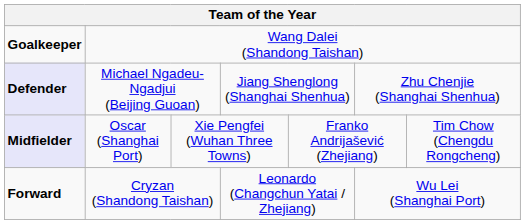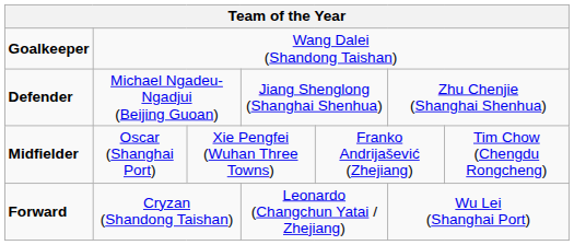 <table class="wikitable">
 <tr>
 <th colspan="13">Team of the Year</th>
 </tr>
 <tr>
 <td><strong>Goalkeeper</strong></td>
 <td colspan="12" align="center"> <a href='#'>Wang Dalei</a>  <br>(<a href='#'>Shandong Taishan</a>)</td>
 </tr>
 <tr>
-<td style="background: lavender;"><strong>Defender</strong></td>
+<td><strong>Defender</strong></td>
 <td colspan="4" align="center"> <a href='#'>Michael Ngadeu-Ngadjui</a> <br>(<a href='#'>Beijing Guoan</a>)</td>
 <td colspan="4" align="center"> <a href='#'>Jiang Shenglong</a> <br>(<a href='#'>Shanghai Shenhua</a>)</td>
 <td colspan="4" align="center"> <a href='#'>Zhu Chenjie</a> <br>(<a href='#'>Shanghai Shenhua</a>)</td>
 </tr>
 <tr>
-<td style="background: lavender;"><strong>Midfielder</strong></td>
+<td><strong>Midfielder</strong></td>
 <td colspan="3" align="center"> <a href='#'>Oscar</a> <br>(<a href='#'>Shanghai Port</a>)</td>
 <td colspan="3" align="center"> <a href='#'>Xie Pengfei</a> <br>(<a href='#'>Wuhan Three Towns</a>)</td>
 <td colspan="3" align="center"> <a href='#'>Franko Andrijašević</a> <br>(<a href='#'>Zhejiang</a>)</td>
 <td colspan="3" align="center"> <a href='#'>Tim Chow</a> <br>(<a href='#'>Chengdu Rongcheng</a>)</td>
 </tr>
 <tr>
 <td><strong>Forward</strong></td>
 <td colspan="4" align="center"> <a href='#'>Cryzan</a> <br>(<a href='#'>Shandong Taishan</a>)</td>
 <td colspan="4" align="center"> <a href='#'>Leonardo</a> <br>(<a href='#'>Changchun Yatai</a> / <a href='#'>Zhejiang</a>)</td>
 <td colspan="4" align="center"> <a href='#'>Wu Lei</a> <br>(<a href='#'>Shanghai Port</a>)</td>
 </tr>
 </table>
